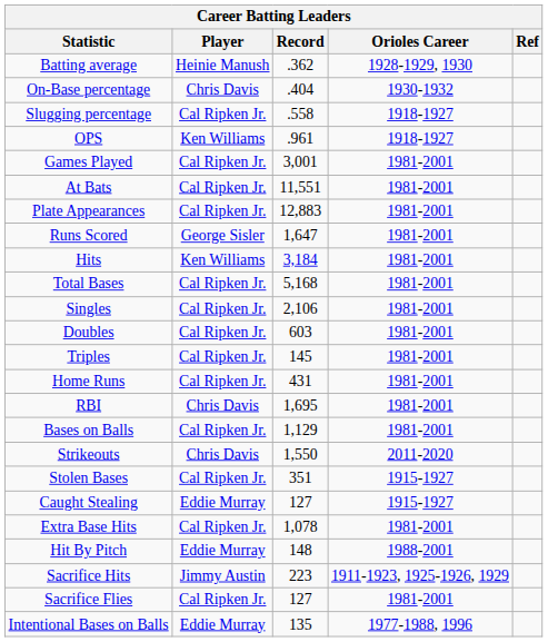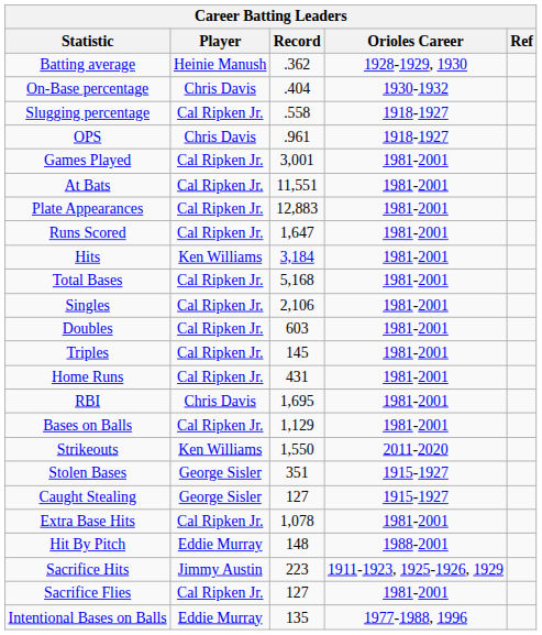 <table class="wikitable sortable" style="text-align:center">
 <tr>
 <th colspan=5>Career Batting Leaders</th>
 </tr>
 <tr>
 <th scope="col">Statistic</th>
 <th scope="col">Player</th>
 <th scope="col" class="unsortable">Record</th>
 <th scope="col">Orioles Career</th>
 <th scope="col" class="unsortable">Ref</th>
 </tr>
 <tr>
 <td><a href='#'>Batting average</a></td>
 <td><a href='#'>Heinie Manush</a></td>
 <td>.362</td>
 <td><a href='#'>1928</a>-<a href='#'>1929</a>, <a href='#'>1930</a></td>
 <td></td>
 </tr>
 <tr>
 <td><a href='#'>On-Base percentage</a></td>
 <td><a href='#'>Chris Davis</a></td>
 <td>.404</td>
 <td><a href='#'>1930</a>-<a href='#'>1932</a></td>
 <td></td>
 </tr>
 <tr>
 <td><a href='#'>Slugging percentage</a></td>
 <td><a href='#'>Cal Ripken Jr.</a></td>
 <td>.558</td>
 <td><a href='#'>1918</a>-<a href='#'>1927</a></td>
 <td></td>
 </tr>
 <tr>
 <td><a href='#'>OPS</a></td>
-<td><a href='#'>Ken Williams</a></td>
+<td><a href='#'>Chris Davis</a></td>
 <td>.961</td>
 <td><a href='#'>1918</a>-<a href='#'>1927</a></td>
 <td></td>
 </tr>
 <tr>
 <td><a href='#'>Games Played</a></td>
 <td><a href='#'>Cal Ripken Jr.</a></td>
 <td>3,001</td>
 <td><a href='#'>1981</a>-<a href='#'>2001</a></td>
 <td></td>
 </tr>
 <tr>
 <td><a href='#'>At Bats</a></td>
 <td><a href='#'>Cal Ripken Jr.</a></td>
 <td>11,551</td>
 <td><a href='#'>1981</a>-<a href='#'>2001</a></td>
 <td></td>
 </tr>
 <tr>
 <td><a href='#'>Plate Appearances</a></td>
 <td><a href='#'>Cal Ripken Jr.</a></td>
 <td>12,883</td>
 <td><a href='#'>1981</a>-<a href='#'>2001</a></td>
 <td></td>
 </tr>
 <tr>
 <td><a href='#'>Runs Scored</a></td>
-<td><a href='#'>George Sisler</a></td>
+<td><a href='#'>Cal Ripken Jr.</a></td>
 <td>1,647</td>
 <td><a href='#'>1981</a>-<a href='#'>2001</a></td>
 <td></td>
 </tr>
 <tr>
 <td><a href='#'>Hits</a></td>
 <td><a href='#'>Ken Williams</a></td>
 <td><a href='#'>3,184</a></td>
 <td><a href='#'>1981</a>-<a href='#'>2001</a></td>
 <td></td>
 </tr>
 <tr>
 <td><a href='#'>Total Bases</a></td>
 <td><a href='#'>Cal Ripken Jr.</a></td>
 <td>5,168</td>
 <td><a href='#'>1981</a>-<a href='#'>2001</a></td>
 <td></td>
 </tr>
 <tr>
 <td><a href='#'>Singles</a></td>
 <td><a href='#'>Cal Ripken Jr.</a></td>
 <td>2,106</td>
 <td><a href='#'>1981</a>-<a href='#'>2001</a></td>
 <td></td>
 </tr>
 <tr>
 <td><a href='#'>Doubles</a></td>
 <td><a href='#'>Cal Ripken Jr.</a></td>
 <td>603</td>
 <td><a href='#'>1981</a>-<a href='#'>2001</a></td>
 <td></td>
 </tr>
 <tr>
 <td><a href='#'>Triples</a></td>
 <td><a href='#'>Cal Ripken Jr.</a></td>
 <td>145</td>
 <td><a href='#'>1981</a>-<a href='#'>2001</a></td>
 <td></td>
 </tr>
 <tr>
 <td><a href='#'>Home Runs</a></td>
 <td><a href='#'>Cal Ripken Jr.</a></td>
 <td>431</td>
 <td><a href='#'>1981</a>-<a href='#'>2001</a></td>
 <td></td>
 </tr>
 <tr>
 <td><a href='#'>RBI</a></td>
 <td><a href='#'>Chris Davis</a></td>
 <td>1,695</td>
 <td><a href='#'>1981</a>-<a href='#'>2001</a></td>
 <td></td>
 </tr>
 <tr>
 <td><a href='#'>Bases on Balls</a></td>
 <td><a href='#'>Cal Ripken Jr.</a></td>
 <td>1,129</td>
 <td><a href='#'>1981</a>-<a href='#'>2001</a></td>
 <td></td>
 </tr>
 <tr>
 <td><a href='#'>Strikeouts</a></td>
-<td><a href='#'>Chris Davis</a></td>
+<td><a href='#'>Ken Williams</a></td>
 <td>1,550</td>
 <td><a href='#'>2011</a>-<a href='#'>2020</a></td>
 <td></td>
 </tr>
 <tr>
 <td><a href='#'>Stolen Bases</a></td>
-<td><a href='#'>Cal Ripken Jr.</a></td>
+<td><a href='#'>George Sisler</a></td>
 <td>351</td>
 <td><a href='#'>1915</a>-<a href='#'>1927</a></td>
 <td></td>
 </tr>
 <tr>
 <td><a href='#'>Caught Stealing</a></td>
-<td><a href='#'>Eddie Murray</a></td>
+<td><a href='#'>George Sisler</a></td>
 <td>127</td>
 <td><a href='#'>1915</a>-<a href='#'>1927</a></td>
 <td></td>
 </tr>
 <tr>
 <td><a href='#'>Extra Base Hits</a></td>
 <td><a href='#'>Cal Ripken Jr.</a></td>
 <td>1,078</td>
 <td><a href='#'>1981</a>-<a href='#'>2001</a></td>
 <td></td>
 </tr>
 <tr>
 <td><a href='#'>Hit By Pitch</a></td>
 <td><a href='#'>Eddie Murray</a></td>
 <td>148</td>
 <td><a href='#'>1988</a>-<a href='#'>2001</a></td>
 <td></td>
 </tr>
 <tr>
 <td><a href='#'>Sacrifice Hits</a></td>
 <td><a href='#'>Jimmy Austin</a></td>
 <td>223</td>
 <td><a href='#'>1911</a>-<a href='#'>1923</a>, <a href='#'>1925</a>-<a href='#'>1926</a>, <a href='#'>1929</a></td>
 <td></td>
 </tr>
 <tr>
 <td><a href='#'>Sacrifice Flies</a></td>
 <td><a href='#'>Cal Ripken Jr.</a></td>
 <td>127</td>
 <td><a href='#'>1981</a>-<a href='#'>2001</a></td>
 <td></td>
 </tr>
 <tr>
 <td><a href='#'>Intentional Bases on Balls</a></td>
 <td><a href='#'>Eddie Murray</a></td>
 <td>135</td>
 <td><a href='#'>1977</a>-<a href='#'>1988</a>, <a href='#'>1996</a></td>
 <td></td>
 </tr>
 </table>
